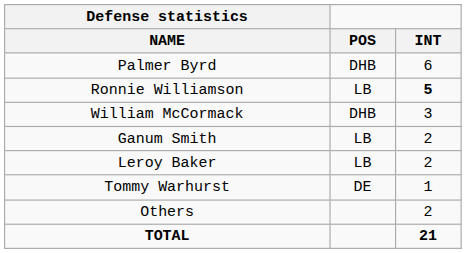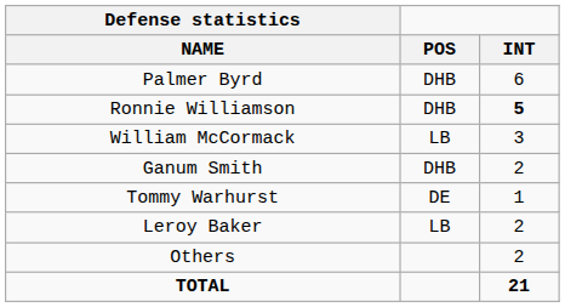 <table style="width:45%; text-align:center;" class="wikitable">
 <tr>
 <th style="text-align:center; ">Defense statistics</th>
 </tr>
 <tr>
 <th>NAME</th>
 <th>POS</th>
 <th>INT</th>
 </tr>
 <tr>
 <td>Palmer Byrd</td>
 <td>DHB</td>
 <td>6</td>
 </tr>
 <tr>
 <td>Ronnie Williamson</td>
-<td>LB</td>
+<td>DHB</td>
 <td><strong>5</strong></td>
 </tr>
 <tr>
 <td>William McCormack</td>
-<td>DHB</td>
+<td>LB</td>
 <td>3</td>
 </tr>
 <tr>
 <td>Ganum Smith</td>
-<td>LB</td>
-<td>2</td>
-</tr>
-<tr>
-<td>Leroy Baker</td>
-<td>LB</td>
+<td>DHB</td>
 <td>2</td>
 </tr>
 <tr>
 <td>Tommy Warhurst</td>
 <td>DE</td>
 <td>1</td>
+</tr>
+<tr>
+<td>Leroy Baker</td>
+<td>LB</td>
+<td>2</td>
 </tr>
 <tr>
 <td>Others</td>
 <td></td>
 <td>2</td>
 </tr>
 <tr>
 <td><strong>TOTAL</strong></td>
 <td></td>
 <td><strong>21</strong></td>
 </tr>
 </table>
